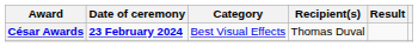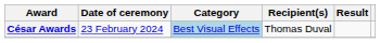 <table class="wikitable sortable plainrowheaders">
 <tr>
 <th scope="col">Award</th>
 <th scope="col">Date of ceremony</th>
 <th scope="col">Category</th>
 <th scope="col">Recipient(s)</th>
 <th scope="col">Result</th>
 <th scope="col" class="unsortable"></th>
 </tr>
 <tr>
 <th scope="row"><a href='#'>César Awards</a></th>
-<td><strong><a href='#'>23 February 2024</a></strong></td>
-<td><a href='#'>Best Visual Effects</a></td>
+<td><a href='#'>23 February 2024</a></td>
+<td style="background: lightblue;"><a href='#'>Best Visual Effects</a></td>
 <td>Thomas Duval</td>
 <td></td>
 <td align="center"><br></td>
 </tr>
 <tr>
 </tr>
 </table>
